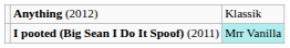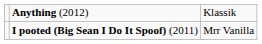 <table class="creditList creditByType wikitable">
 <tr>
 <td></td>
 <td><strong>Anything</strong> (2012)</td>
 <td>Klassik</td>
 </tr>
 <tr>
 <td></td>
 <td><strong>I pooted (Big Sean I Do It Spoof)</strong> (2011)</td>
-<td style="background: paleturquoise;">Mrr Vanilla</td>
+<td>Mrr Vanilla</td>
 </tr>
 </table>
